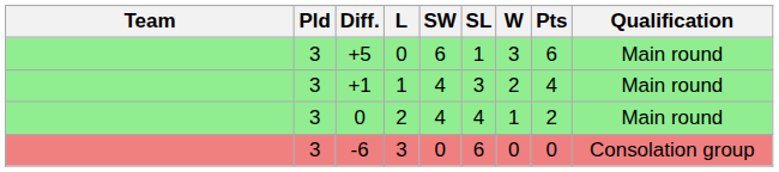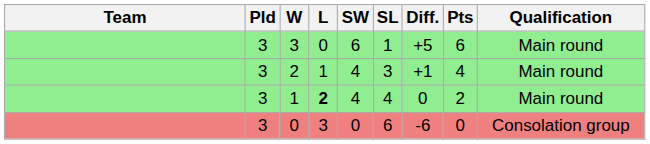 <table class=wikitable style="text-align:center">
 <tr>
 <th width=220>Team</th>
 <th width=20>Pld</th>
-<th width=20>Diff.</th>
+<th width=20>W</th>
 <th width=20>L</th>
 <th width=20>SW</th>
 <th width=20>SL</th>
-<th width=20>W</th>
+<th width=20>Diff.</th>
 <th width=20>Pts</th>
 <th width=150>Qualification</th>
 </tr>
 <tr bgcolor=90EE90>
 <td align=left></td>
 <td>3</td>
-<td>+5</td>
+<td>3</td>
 <td>0</td>
 <td>6</td>
 <td>1</td>
-<td>3</td>
+<td>+5</td>
 <td>6</td>
 <td>Main round</td>
 </tr>
 <tr bgcolor=90EE90>
 <td align=left></td>
 <td>3</td>
-<td>+1</td>
+<td>2</td>
 <td>1</td>
 <td>4</td>
 <td>3</td>
-<td>2</td>
+<td>+1</td>
 <td>4</td>
 <td>Main round</td>
 </tr>
 <tr bgcolor=90EE90>
 <td align=left></td>
 <td>3</td>
-<td>0</td>
-<td>2</td>
+<td>1</td>
+<td><strong>2</strong></td>
 <td>4</td>
 <td>4</td>
-<td>1</td>
+<td>0</td>
 <td>2</td>
 <td>Main round</td>
 </tr>
 <tr bgcolor=F08080>
 <td align=left></td>
 <td>3</td>
-<td>-6</td>
+<td>0</td>
 <td>3</td>
 <td>0</td>
 <td>6</td>
-<td>0</td>
+<td>-6</td>
 <td>0</td>
 <td>Consolation group</td>
 </tr>
 </table>
